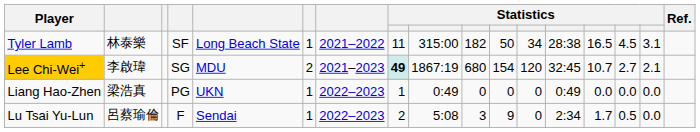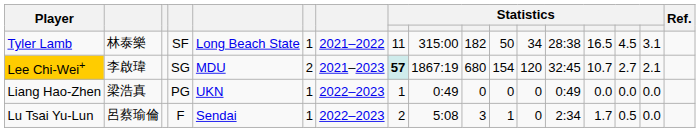 <table class="wikitable sortable" style="font-size:95%; text-align:right;">
 <tr>
 <th rowspan="2">Player</th>
 <th rowspan="2"></th>
 <th rowspan="2"></th>
 <th rowspan="2"></th>
 <th rowspan="2"></th>
 <th rowspan="2"></th>
 <th rowspan="2"></th>
 <th colspan="9">Statistics</th>
 <th rowspan="2">Ref.</th>
 </tr>
 <tr>
 <th></th>
 <th></th>
 <th></th>
 <th></th>
 <th></th>
 <th></th>
 <th></th>
 <th></th>
 <th></th>
 </tr>
 <tr>
 <td align="left"><a href='#'>Tyler Lamb</a></td>
 <td align="left">林泰樂</td>
 <td align="center"></td>
 <td align="center">SF</td>
 <td align="left"><a href='#'>Long Beach State</a></td>
 <td align="center">1</td>
 <td align="center"><a href='#'>2021–2022</a></td>
 <td>11</td>
 <td>315:00</td>
 <td>182</td>
 <td>50</td>
 <td>34</td>
 <td>28:38</td>
 <td>16.5</td>
 <td>4.5</td>
 <td>3.1</td>
 <td align="center"></td>
 </tr>
 <tr>
 <td align="left" bgcolor="#FFCC00">Lee Chi-Wei<sup>+</sup></td>
 <td align="left">李啟瑋</td>
 <td align="center"></td>
 <td align="center">SG</td>
 <td align="left"><a href='#'>MDU</a></td>
 <td align="center">2</td>
 <td align="center"><a href='#'>2021</a>–<a href='#'>2023</a></td>
-<td bgcolor="#CFECEC"><strong>49</strong></td>
+<td bgcolor="#CFECEC"><strong>57</strong></td>
 <td>1867:19</td>
 <td>680</td>
 <td>154</td>
 <td>120</td>
 <td>32:45</td>
 <td>10.7</td>
 <td>2.7</td>
 <td>2.1</td>
 <td align="center"></td>
 </tr>
 <tr>
 <td align="left">Liang Hao-Zhen</td>
 <td align="left">梁浩真</td>
 <td align="center"></td>
 <td align="center">PG</td>
 <td align="left"><a href='#'>UKN</a></td>
 <td align="center">1</td>
 <td align="center"><a href='#'>2022–2023</a></td>
 <td>1</td>
 <td>0:49</td>
 <td>0</td>
 <td>0</td>
 <td>0</td>
 <td>0:49</td>
 <td>0.0</td>
 <td>0.0</td>
 <td>0.0</td>
 <td align="center"></td>
 </tr>
 <tr>
 <td align="left">Lu Tsai Yu-Lun</td>
 <td align="left">呂蔡瑜倫</td>
 <td align="center"></td>
 <td align="center">F</td>
 <td align="left"><a href='#'>Sendai</a></td>
 <td align="center">1</td>
 <td align="center"><a href='#'>2022–2023</a></td>
 <td>2</td>
 <td>5:08</td>
 <td>3</td>
-<td>9</td>
+<td>1</td>
 <td>0</td>
 <td>2:34</td>
 <td>1.7</td>
 <td>0.5</td>
 <td>0.0</td>
 <td align="center"></td>
 </tr>
 </table>
